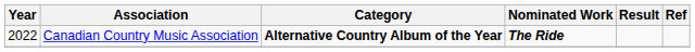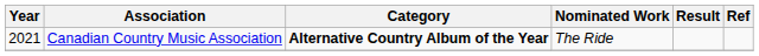 <table class="wikitable">
 <tr>
 <th>Year</th>
 <th>Association</th>
 <th>Category</th>
 <th>Nominated Work</th>
 <th>Result</th>
 <th>Ref</th>
 </tr>
 <tr>
-<td>2022</td>
+<td>2021</td>
 <td><a href='#'>Canadian Country Music Association</a></td>
 <td><strong>Alternative Country Album of the Year</strong></td>
-<td><strong><em>The Ride</em></strong></td>
+<td><em>The Ride</em></td>
 <td></td>
 <td></td>
 </tr>
 <tr>
 </tr>
 </table>
